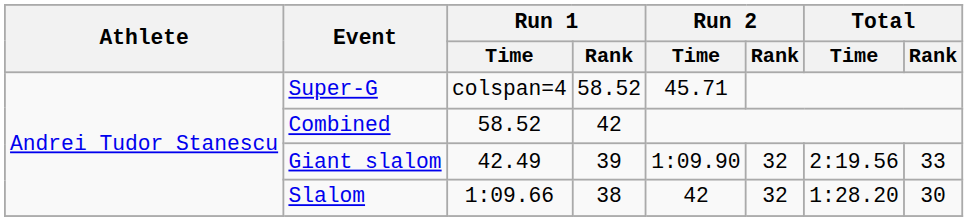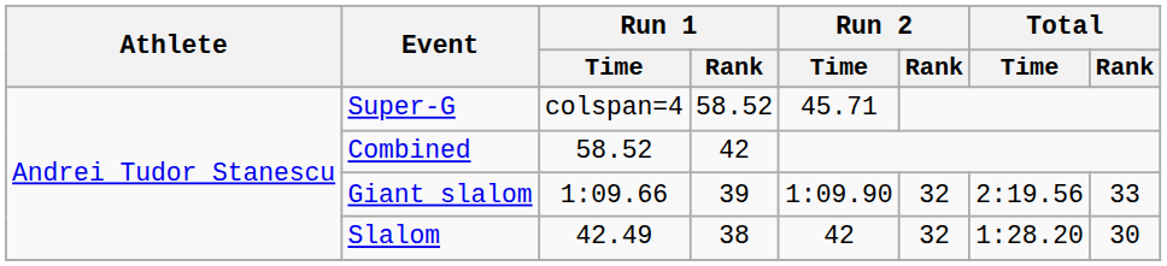 <table class="wikitable" style="font-size:90%">
 <tr>
 <th rowspan=2>Athlete</th>
 <th rowspan=2>Event</th>
 <th colspan=2>Run 1</th>
 <th colspan=2>Run 2</th>
 <th colspan=2>Total</th>
 </tr>
 <tr style="font-size:95%">
 <th>Time</th>
 <th>Rank</th>
 <th>Time</th>
 <th>Rank</th>
 <th>Time</th>
 <th>Rank</th>
 </tr>
 <tr align=center>
 <td align="left" rowspan="4"><a href='#'>Andrei Tudor Stanescu</a></td>
 <td align="left"><a href='#'>Super-G</a></td>
 <td>colspan=4</td>
 <td>58.52</td>
 <td>45.71</td>
 </tr>
 <tr align=center>
 <td align="left"><a href='#'>Combined</a></td>
 <td>58.52</td>
 <td>42</td>
 <td colspan=4></td>
 </tr>
 <tr align=center>
 <td align="left"><a href='#'>Giant slalom</a></td>
-<td>42.49</td>
+<td>1:09.66</td>
 <td>39</td>
 <td>1:09.90</td>
 <td>32</td>
 <td>2:19.56</td>
 <td>33</td>
 </tr>
 <tr align=center>
 <td align="left"><a href='#'>Slalom</a></td>
-<td>1:09.66</td>
+<td>42.49</td>
 <td>38</td>
 <td>42</td>
 <td>32</td>
 <td>1:28.20</td>
 <td>30</td>
 </tr>
 </table>
